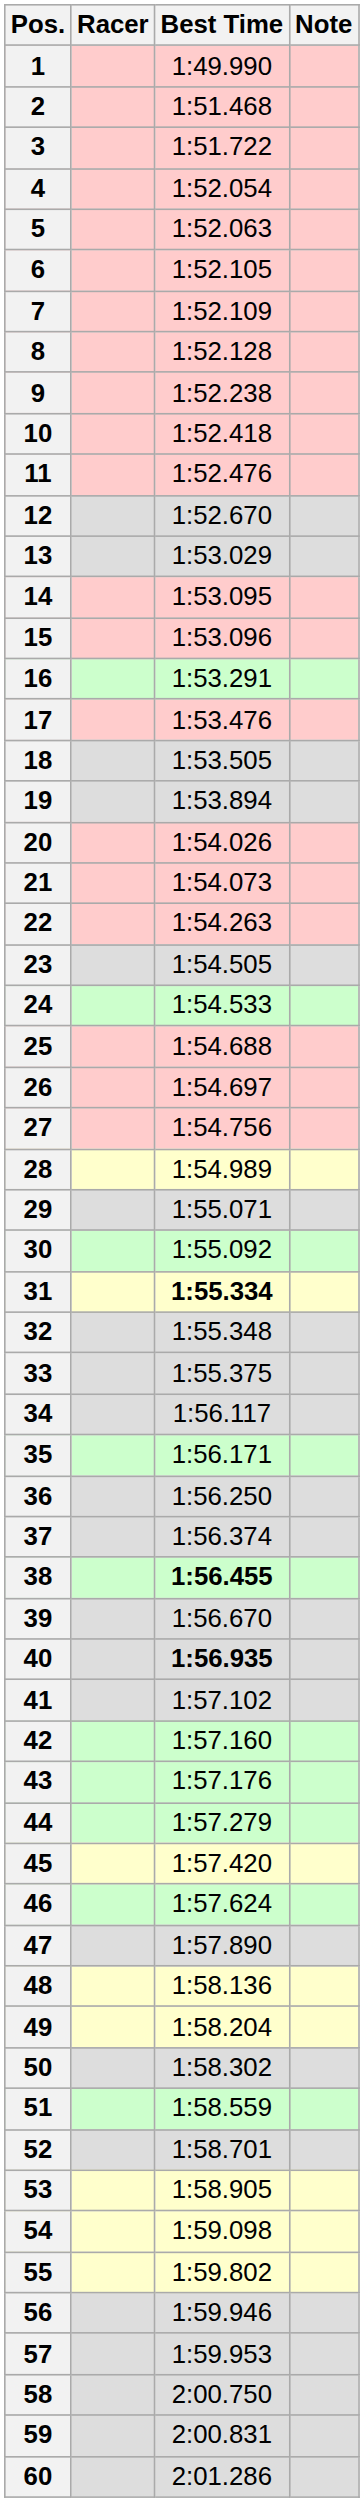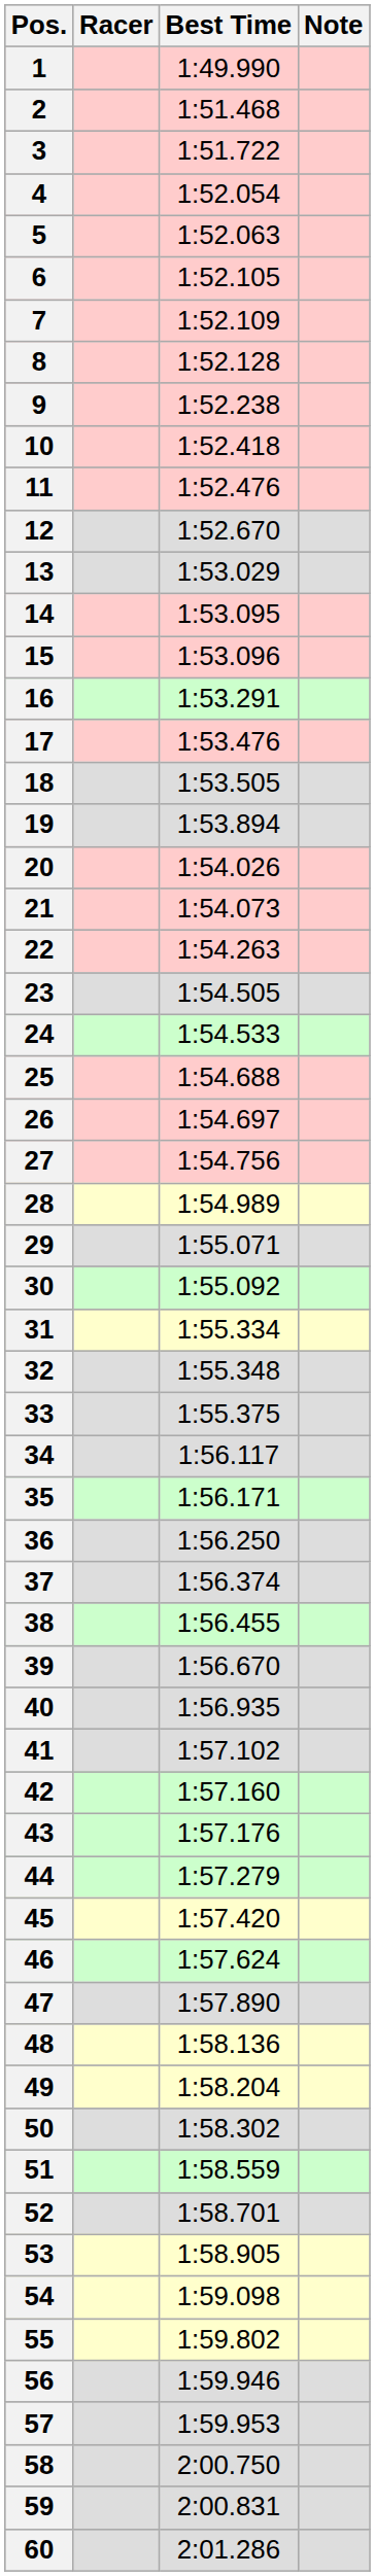 <table class="wikitable sortable plainrowheaders" style="text-align:center;">
 <tr>
 <th scope="col">Pos.</th>
 <th scope="col">Racer</th>
 <th scope="col">Best Time</th>
 <th scope="col">Note</th>
 </tr>
 <tr bgcolor=#ffcccc>
 <th style="text - align:center; ">1</th>
 <td align="left"></td>
 <td>1:49.990</td>
 <td></td>
 </tr>
 <tr bgcolor=#ffcccc>
 <th style="text - align:center; ">2</th>
 <td align="left"></td>
 <td>1:51.468</td>
 <td></td>
 </tr>
 <tr bgcolor=#ffcccc>
 <th style="text - align:center; ">3</th>
 <td align="left"></td>
 <td>1:51.722</td>
 <td></td>
 </tr>
 <tr bgcolor=#ffcccc>
 <th style="text - align:center; ">4</th>
 <td align="left"></td>
 <td>1:52.054</td>
 <td></td>
 </tr>
 <tr bgcolor=#ffcccc>
 <th style="text - align:center; ">5</th>
 <td align="left"></td>
 <td>1:52.063</td>
 <td></td>
 </tr>
 <tr bgcolor=#ffcccc>
 <th style="text - align:center; ">6</th>
 <td align="left"></td>
 <td>1:52.105</td>
 <td></td>
 </tr>
 <tr bgcolor=#ffcccc>
 <th style="text - align:center; ">7</th>
 <td align="left"></td>
 <td>1:52.109</td>
 <td></td>
 </tr>
 <tr bgcolor=#ffcccc>
 <th style="text - align:center; ">8</th>
 <td align="left"></td>
 <td>1:52.128</td>
 <td></td>
 </tr>
 <tr bgcolor=#ffcccc>
 <th style="text - align:center; ">9</th>
 <td align="left"></td>
 <td>1:52.238</td>
 <td></td>
 </tr>
 <tr bgcolor=#ffcccc>
 <th style="text - align:center; ">10</th>
 <td align="left"></td>
 <td>1:52.418</td>
 <td></td>
 </tr>
 <tr bgcolor=#ffcccc>
 <th style="text - align:center; ">11</th>
 <td align="left"></td>
 <td>1:52.476</td>
 <td></td>
 </tr>
 <tr bgcolor=#dddddd>
 <th style="text - align:center; ">12</th>
 <td align="left"></td>
 <td>1:52.670</td>
 <td></td>
 </tr>
 <tr bgcolor=#dddddd>
 <th style="text - align:center; ">13</th>
 <td align="left"></td>
 <td>1:53.029</td>
 <td></td>
 </tr>
 <tr bgcolor=#ffcccc>
 <th style="text - align:center; ">14</th>
 <td align="left"></td>
 <td>1:53.095</td>
 <td></td>
 </tr>
 <tr bgcolor=#ffcccc>
 <th style="text - align:center; ">15</th>
 <td align="left"></td>
 <td>1:53.096</td>
 <td></td>
 </tr>
 <tr bgcolor=#ccffcc>
 <th style="text - align:center; ">16</th>
 <td align="left"></td>
 <td>1:53.291</td>
 <td></td>
 </tr>
 <tr bgcolor=#ffcccc>
 <th style="text - align:center; ">17</th>
 <td align="left"></td>
 <td>1:53.476</td>
 <td></td>
 </tr>
 <tr bgcolor=#dddddd>
 <th style="text - align:center; ">18</th>
 <td align="left"></td>
 <td>1:53.505</td>
 <td></td>
 </tr>
 <tr bgcolor=#dddddd>
 <th style="text - align:center; ">19</th>
 <td align="left"></td>
 <td>1:53.894</td>
 <td></td>
 </tr>
 <tr bgcolor=#ffcccc>
 <th style="text - align:center; ">20</th>
 <td align="left"></td>
 <td>1:54.026</td>
 <td></td>
 </tr>
 <tr bgcolor=#ffcccc>
 <th style="text - align:center; ">21</th>
 <td align="left"></td>
 <td>1:54.073</td>
 <td></td>
 </tr>
 <tr bgcolor=#ffcccc>
 <th style="text - align:center; ">22</th>
 <td align="left"></td>
 <td>1:54.263</td>
 <td></td>
 </tr>
 <tr bgcolor=#dddddd>
 <th style="text - align:center; ">23</th>
 <td align="left"></td>
 <td>1:54.505</td>
 <td></td>
 </tr>
 <tr bgcolor=#ccffcc>
 <th style="text - align:center; ">24</th>
 <td align="left"></td>
 <td>1:54.533</td>
 <td></td>
 </tr>
 <tr bgcolor=#ffcccc>
 <th style="text - align:center; ">25</th>
 <td align="left"></td>
 <td>1:54.688</td>
 <td></td>
 </tr>
 <tr bgcolor=#ffcccc>
 <th style="text - align:center; ">26</th>
 <td align="left"></td>
 <td>1:54.697</td>
 <td></td>
 </tr>
 <tr bgcolor=#ffcccc>
 <th style="text - align:center; ">27</th>
 <td align="left"></td>
 <td>1:54.756</td>
 <td></td>
 </tr>
 <tr bgcolor=#ffffcc>
 <th style="text - align:center; ">28</th>
 <td align="left"></td>
 <td>1:54.989</td>
 <td></td>
 </tr>
 <tr bgcolor=#dddddd>
 <th style="text - align:center; ">29</th>
 <td align="left"></td>
 <td>1:55.071</td>
 <td></td>
 </tr>
 <tr bgcolor=#ccffcc>
 <th style="text - align:center; ">30</th>
 <td align="left"></td>
 <td>1:55.092</td>
 <td></td>
 </tr>
 <tr bgcolor=#ffffcc>
 <th style="text - align:center; ">31</th>
 <td align="left"></td>
-<td><strong>1:55.334</strong></td>
+<td>1:55.334</td>
 <td></td>
 </tr>
 <tr bgcolor=#dddddd>
 <th style="text - align:center; ">32</th>
 <td align="left"></td>
 <td>1:55.348</td>
 <td></td>
 </tr>
 <tr bgcolor=#dddddd>
 <th style="text - align:center; ">33</th>
 <td align="left"></td>
 <td>1:55.375</td>
 <td></td>
 </tr>
 <tr bgcolor=#dddddd>
 <th style="text - align:center; ">34</th>
 <td align="left"></td>
 <td>1:56.117</td>
 <td></td>
 </tr>
 <tr bgcolor=#ccffcc>
 <th style="text - align:center; ">35</th>
 <td align="left"></td>
 <td>1:56.171</td>
 <td></td>
 </tr>
 <tr bgcolor=#dddddd>
 <th style="text - align:center; ">36</th>
 <td align="left"></td>
 <td>1:56.250</td>
 <td></td>
 </tr>
 <tr bgcolor=#dddddd>
 <th style="text - align:center; ">37</th>
 <td align="left"></td>
 <td>1:56.374</td>
 <td></td>
 </tr>
 <tr bgcolor=#ccffcc>
 <th style="text - align:center; ">38</th>
 <td align="left"></td>
-<td><strong>1:56.455</strong></td>
+<td>1:56.455</td>
 <td></td>
 </tr>
 <tr bgcolor=#dddddd>
 <th style="text - align:center; ">39</th>
 <td align="left"></td>
 <td>1:56.670</td>
 <td></td>
 </tr>
 <tr bgcolor=#dddddd>
 <th style="text - align:center; ">40</th>
 <td align="left"></td>
-<td><strong>1:56.935</strong></td>
+<td>1:56.935</td>
 <td></td>
 </tr>
 <tr bgcolor=#dddddd>
 <th style="text - align:center; ">41</th>
 <td align="left"></td>
 <td>1:57.102</td>
 <td></td>
 </tr>
 <tr bgcolor=#ccffcc>
 <th style="text - align:center; ">42</th>
 <td align="left"></td>
 <td>1:57.160</td>
 <td></td>
 </tr>
 <tr bgcolor=#ccffcc>
 <th style="text - align:center; ">43</th>
 <td align="left"></td>
 <td>1:57.176</td>
 <td></td>
 </tr>
 <tr bgcolor=#ccffcc>
 <th style="text - align:center; ">44</th>
 <td align="left"></td>
 <td>1:57.279</td>
 <td></td>
 </tr>
 <tr bgcolor=#ffffcc>
 <th style="text - align:center; ">45</th>
 <td align="left"></td>
 <td>1:57.420</td>
 <td></td>
 </tr>
 <tr bgcolor=#ccffcc>
 <th style="text - align:center; ">46</th>
 <td align="left"></td>
 <td>1:57.624</td>
 <td></td>
 </tr>
 <tr bgcolor=#dddddd>
 <th style="text - align:center; ">47</th>
 <td align="left"></td>
 <td>1:57.890</td>
 <td></td>
 </tr>
 <tr bgcolor=#ffffcc>
 <th style="text - align:center; ">48</th>
 <td align="left"></td>
 <td>1:58.136</td>
 <td></td>
 </tr>
 <tr bgcolor=#ffffcc>
 <th style="text - align:center; ">49</th>
 <td align="left"></td>
 <td>1:58.204</td>
 <td></td>
 </tr>
 <tr bgcolor=#dddddd>
 <th style="text - align:center; ">50</th>
 <td align="left"></td>
 <td>1:58.302</td>
 <td></td>
 </tr>
 <tr bgcolor=#ccffcc>
 <th style="text - align:center; ">51</th>
 <td align="left"></td>
 <td>1:58.559</td>
 <td></td>
 </tr>
 <tr bgcolor=#dddddd>
 <th style="text - align:center; ">52</th>
 <td align="left"></td>
 <td>1:58.701</td>
 <td></td>
 </tr>
 <tr bgcolor=#ffffcc>
 <th style="text - align:center; ">53</th>
 <td align="left"></td>
 <td>1:58.905</td>
 <td></td>
 </tr>
 <tr bgcolor=#ffffcc>
 <th style="text - align:center; ">54</th>
 <td align="left"></td>
 <td>1:59.098</td>
 <td></td>
 </tr>
 <tr bgcolor=#ffffcc>
 <th style="text - align:center; ">55</th>
 <td align="left"></td>
 <td>1:59.802</td>
 <td></td>
 </tr>
 <tr bgcolor=#dddddd>
 <th style="text - align:center; ">56</th>
 <td align="left"></td>
 <td>1:59.946</td>
 <td></td>
 </tr>
 <tr bgcolor=#dddddd>
 <th style="text - align:center; ">57</th>
 <td align="left"></td>
 <td>1:59.953</td>
 <td></td>
 </tr>
 <tr bgcolor=#dddddd>
 <th style="text - align:center; ">58</th>
 <td align="left"></td>
 <td>2:00.750</td>
 <td></td>
 </tr>
 <tr bgcolor=#dddddd>
 <th style="text - align:center; ">59</th>
 <td align="left"></td>
 <td>2:00.831</td>
 <td></td>
 </tr>
 <tr bgcolor=#dddddd>
 <th style="text - align:center; ">60</th>
 <td align="left"></td>
 <td>2:01.286</td>
 <td></td>
 </tr>
 </table>
